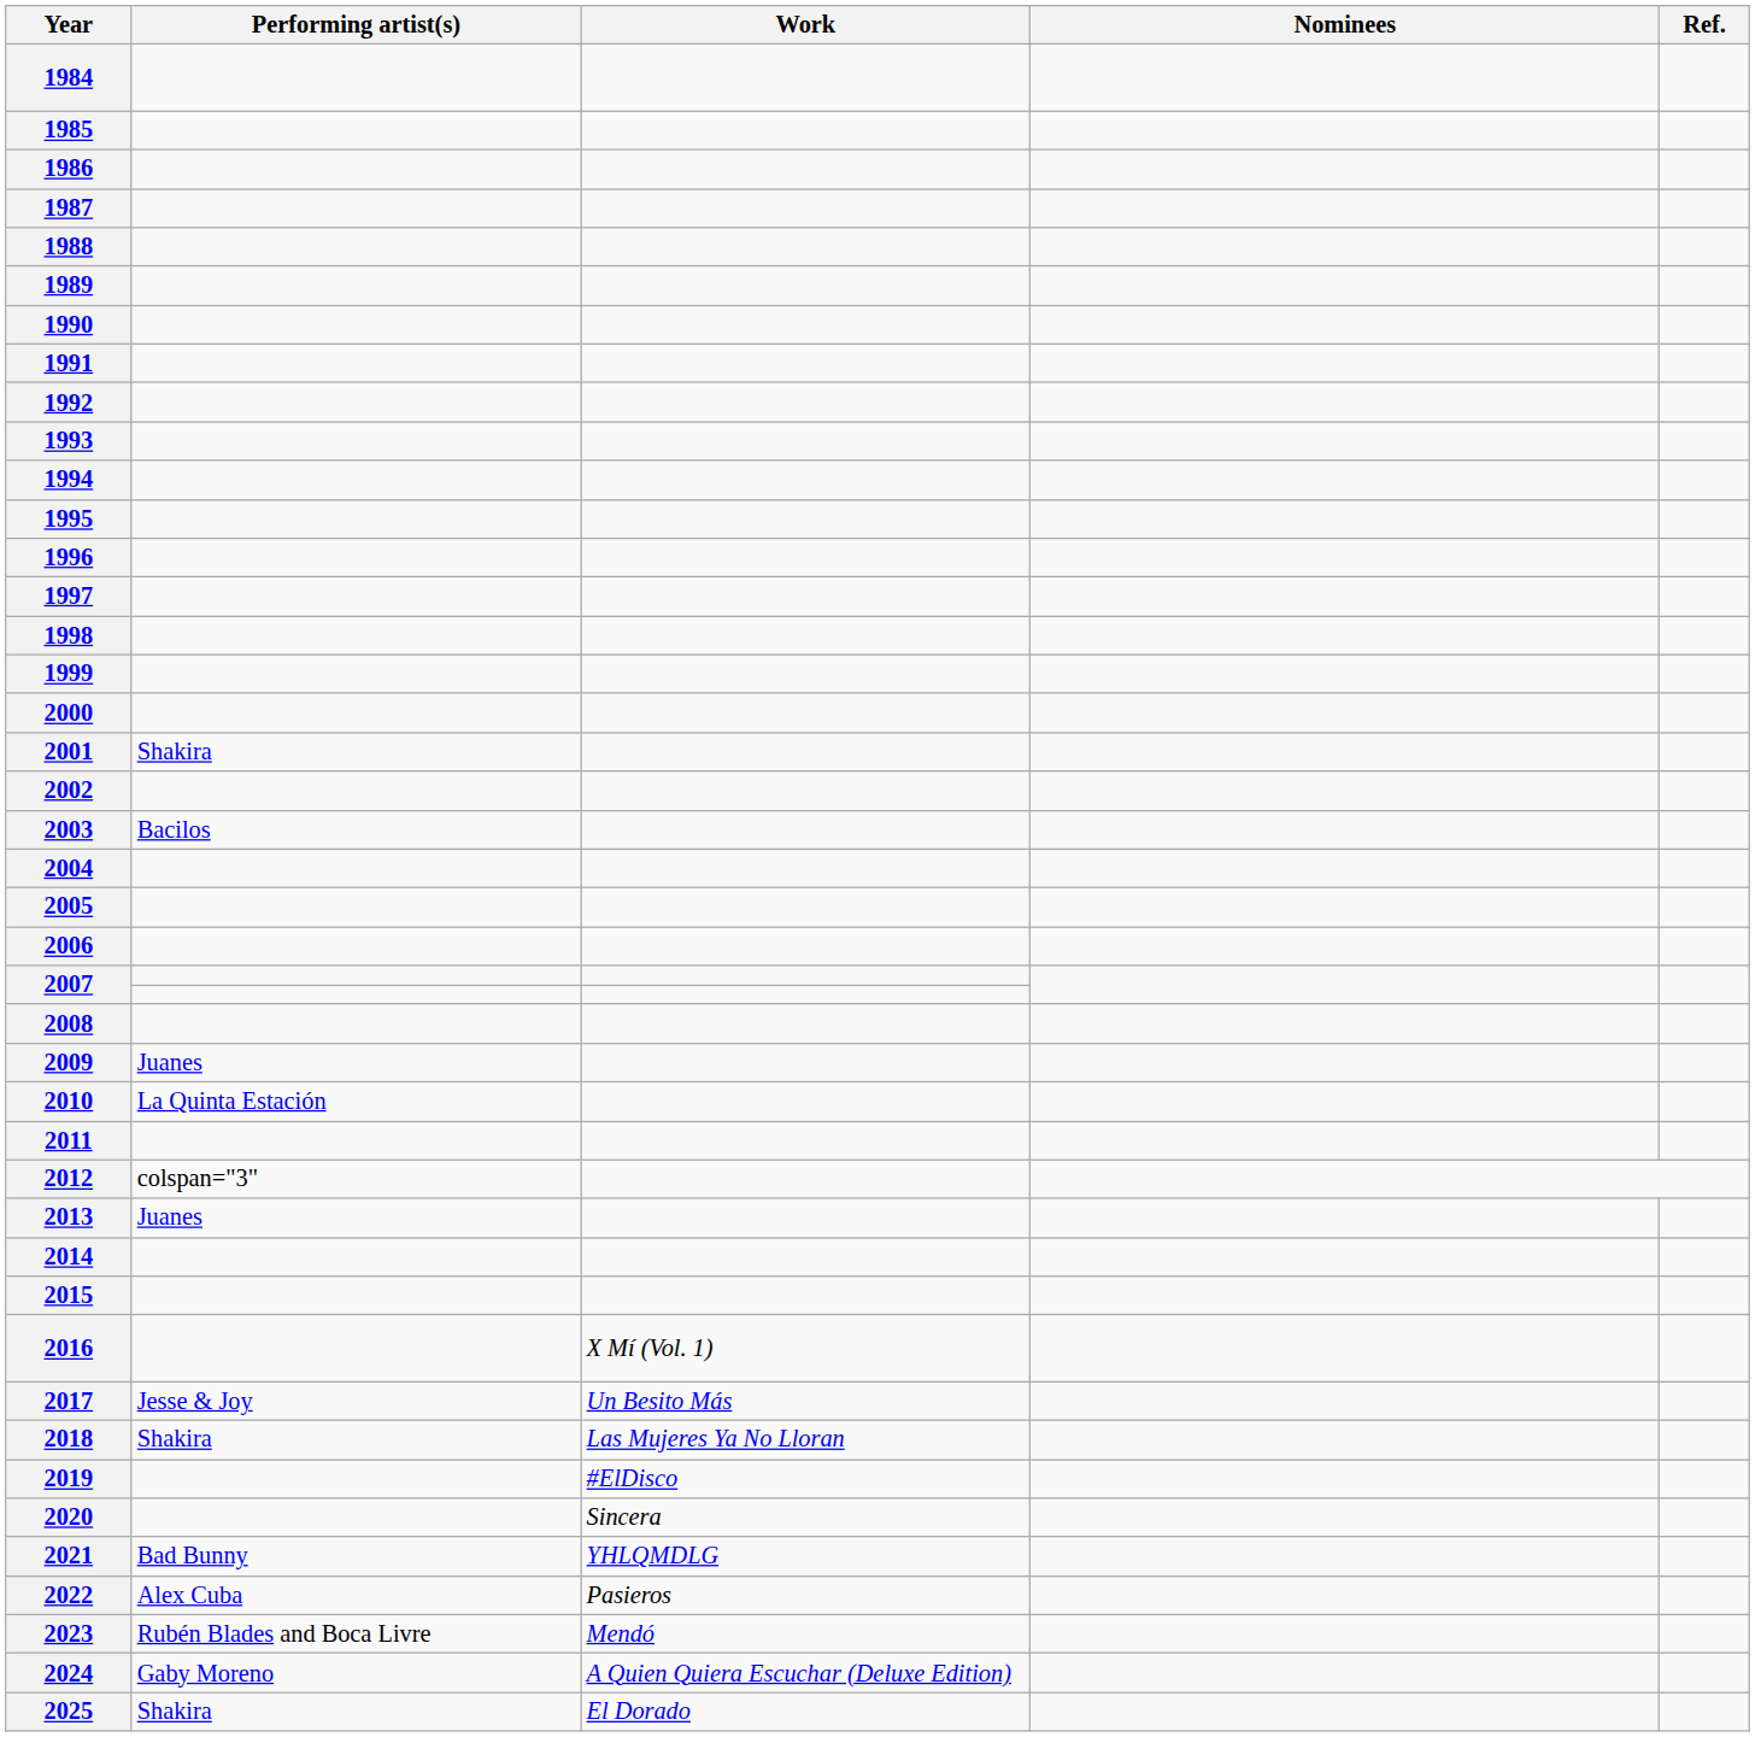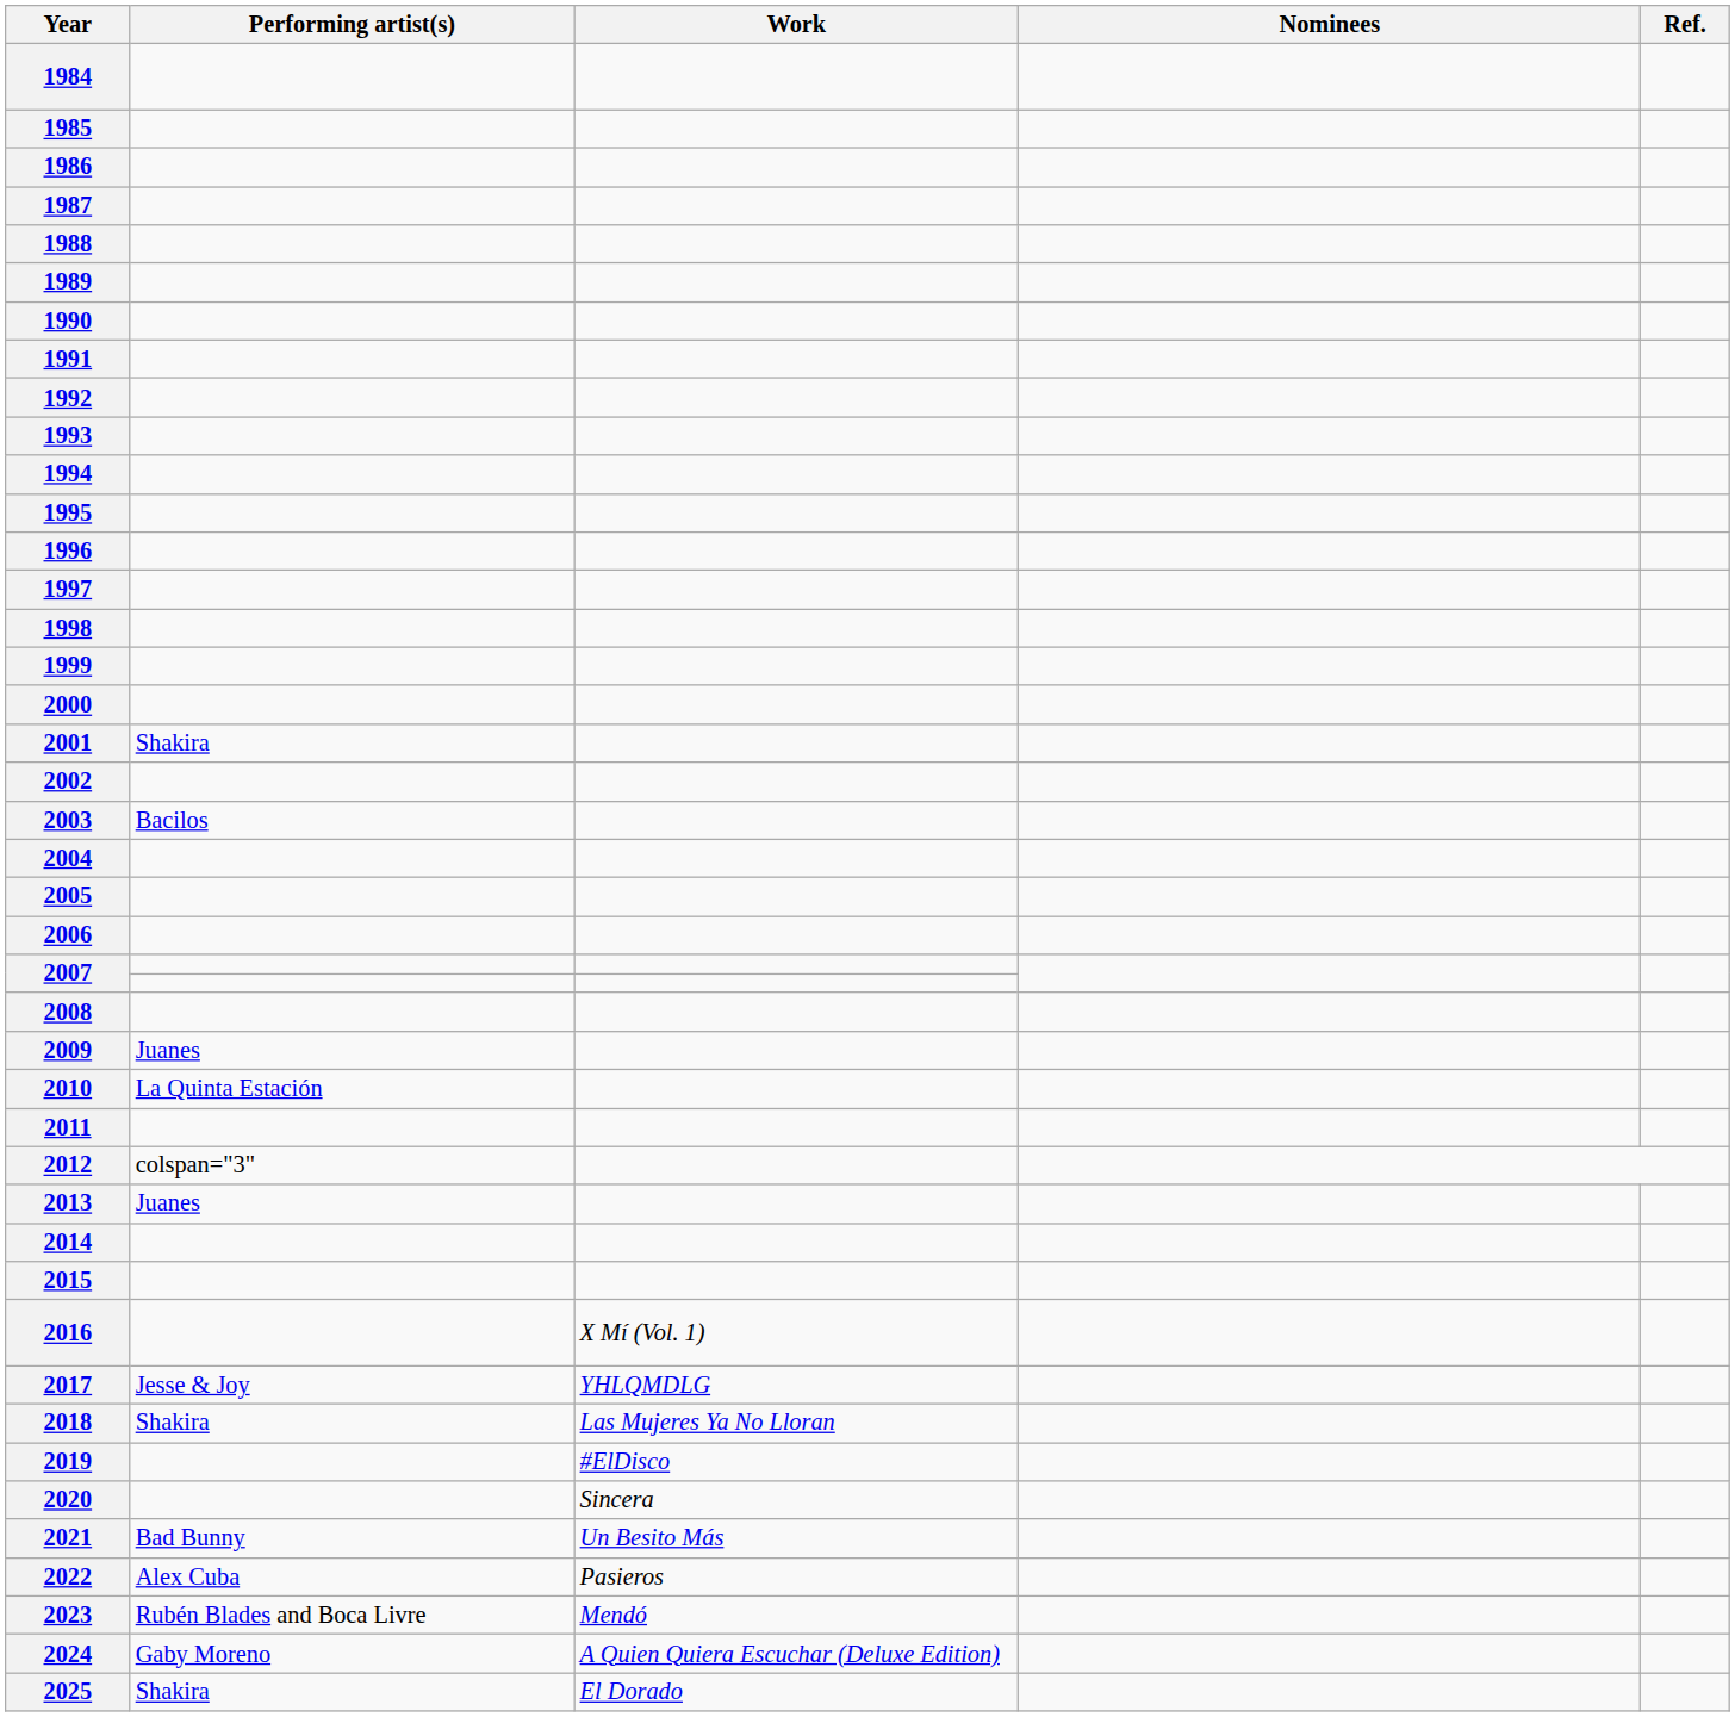 <table class="wikitable">
 <tr>
 <th width="7%">Year</th>
 <th width="25%">Performing artist(s)</th>
 <th width="25%">Work</th>
 <th width="35%" class=unsortable>Nominees</th>
 <th width="5%" class=unsortable>Ref.</th>
 </tr>
 <tr>
 <th scope="row" style="text-align:center;"><a href='#'>1984</a></th>
 <td></td>
 <td></td>
 <td></td>
 <td style="text-align:center;"><br><br></td>
 </tr>
 <tr>
 <th scope="row" style="text-align:center;"><a href='#'>1985</a></th>
 <td></td>
 <td></td>
 <td></td>
 <td style="text-align:center;"><br></td>
 </tr>
 <tr>
 <th scope="row" style="text-align:center;"><a href='#'>1986</a></th>
 <td></td>
 <td></td>
 <td></td>
 <td style="text-align:center;"><br></td>
 </tr>
 <tr>
 <th scope="row" style="text-align:center;"><a href='#'>1987</a></th>
 <td></td>
 <td></td>
 <td></td>
 <td style="text-align:center;"><br></td>
 </tr>
 <tr>
 <th scope="row" style="text-align:center;"><a href='#'>1988</a></th>
 <td></td>
 <td></td>
 <td></td>
 <td style="text-align:center;"><br></td>
 </tr>
 <tr>
 <th scope="row" style="text-align:center;"><a href='#'>1989</a></th>
 <td></td>
 <td></td>
 <td></td>
 <td style="text-align:center;"><br></td>
 </tr>
 <tr>
 <th scope="row" style="text-align:center;"><a href='#'>1990</a></th>
 <td></td>
 <td></td>
 <td></td>
 <td style="text-align:center;"><br></td>
 </tr>
 <tr>
 <th scope="row" style="text-align:center;"><a href='#'>1991</a></th>
 <td></td>
 <td></td>
 <td></td>
 <td style="text-align:center;"><br></td>
 </tr>
 <tr>
 <th scope="row" style="text-align:center;"><a href='#'>1992</a></th>
 <td></td>
 <td></td>
 <td></td>
 <td style="text-align:center;"><br></td>
 </tr>
 <tr>
 <th scope="row" style="text-align:center;"><a href='#'>1993</a></th>
 <td></td>
 <td></td>
 <td></td>
 <td style="text-align:center;"><br></td>
 </tr>
 <tr>
 <th scope="row" style="text-align:center;"><a href='#'>1994</a></th>
 <td></td>
 <td></td>
 <td></td>
 <td style="text-align:center;"><br></td>
 </tr>
 <tr>
 <th scope="row" style="text-align:center;"><a href='#'>1995</a></th>
 <td></td>
 <td></td>
 <td></td>
 <td style="text-align:center;"><br></td>
 </tr>
 <tr>
 <th scope="row" style="text-align:center;"><a href='#'>1996</a></th>
 <td></td>
 <td></td>
 <td></td>
 <td style="text-align:center;"><br></td>
 </tr>
 <tr>
 <th scope="row" style="text-align:center;"><a href='#'>1997</a></th>
 <td></td>
 <td></td>
 <td></td>
 <td style="text-align:center;"><br></td>
 </tr>
 <tr>
 <th scope="row" style="text-align:center;"><a href='#'>1998</a></th>
 <td></td>
 <td></td>
 <td></td>
 <td style="text-align:center;"><br></td>
 </tr>
 <tr>
 <th scope="row" style="text-align:center;"><a href='#'>1999</a></th>
 <td></td>
 <td></td>
 <td></td>
 <td style="text-align:center;"><br></td>
 </tr>
 <tr>
 <th scope="row" style="text-align:center;"><a href='#'>2000</a></th>
 <td></td>
 <td></td>
 <td></td>
 <td style="text-align:center;"><br></td>
 </tr>
 <tr>
 <th scope="row" style="text-align:center;"><a href='#'>2001</a></th>
 <td><a href='#'>Shakira</a></td>
 <td></td>
 <td></td>
 <td style="text-align:center;"><br></td>
 </tr>
 <tr>
 <th scope="row" style="text-align:center;"><a href='#'>2002</a></th>
 <td></td>
 <td></td>
 <td></td>
 <td style="text-align:center;"><br></td>
 </tr>
 <tr>
 <th scope="row" style="text-align:center;"><a href='#'>2003</a></th>
 <td><a href='#'>Bacilos</a></td>
 <td></td>
 <td></td>
 <td style="text-align:center;"><br></td>
 </tr>
 <tr>
 <th scope="row" style="text-align:center;"><a href='#'>2004</a></th>
 <td></td>
 <td></td>
 <td></td>
 <td style="text-align:center;"><br></td>
 </tr>
 <tr>
 <th scope="row" style="text-align:center;"><a href='#'>2005</a></th>
 <td></td>
 <td></td>
 <td></td>
 <td style="text-align:center;"><br></td>
 </tr>
 <tr>
 <th scope="row" style="text-align:center;"><a href='#'>2006</a></th>
 <td></td>
 <td></td>
 <td></td>
 <td style="text-align:center;"><br></td>
 </tr>
 <tr>
 <th scope="row" rowspan="2" style="text-align:center;"><a href='#'>2007</a></th>
 <td></td>
 <td></td>
 <td rowspan="2"></td>
 <td rowspan="2" style="text-align:center;"><br></td>
 </tr>
 <tr>
 <td></td>
 <td></td>
 </tr>
 <tr>
 <th scope="row" style="text-align:center;"><a href='#'>2008</a></th>
 <td></td>
 <td></td>
 <td></td>
 <td style="text-align:center;"><br></td>
 </tr>
 <tr>
 <th scope="row" style="text-align:center;"><a href='#'>2009</a></th>
 <td><a href='#'>Juanes</a></td>
 <td></td>
 <td></td>
 <td style="text-align:center;"><br></td>
 </tr>
 <tr>
 <th scope="row" style="text-align:center;"><a href='#'>2010</a></th>
 <td><a href='#'>La Quinta Estación</a></td>
 <td></td>
 <td></td>
 <td style="text-align:center;"><br></td>
 </tr>
 <tr>
 <th scope="row" style="text-align:center;"><a href='#'>2011</a></th>
 <td></td>
 <td></td>
 <td></td>
 <td style="text-align:center;"><br></td>
 </tr>
 <tr>
 <th scope="row" style="text-align:center;"><a href='#'>2012</a></th>
 <td>colspan="3" </td>
 <td style="text-align:center;"></td>
 </tr>
 <tr>
 <th scope="row" style="text-align:center;"><a href='#'>2013</a></th>
 <td><a href='#'>Juanes</a></td>
 <td></td>
 <td></td>
 <td style="text-align:center;"><br></td>
 </tr>
 <tr>
 <th scope="row" style="text-align:center;"><a href='#'>2014</a></th>
 <td></td>
 <td></td>
 <td></td>
 <td style="text-align:center;"><br></td>
 </tr>
 <tr>
 <th scope="row" style="text-align:center;"><a href='#'>2015</a></th>
 <td></td>
 <td></td>
 <td></td>
 <td style="text-align:center;"><br></td>
 </tr>
 <tr>
 <th scope="row" style="text-align:center;"><a href='#'>2016</a></th>
 <td></td>
 <td><em>X Mí (Vol. 1)</em></td>
 <td></td>
 <td style="text-align:center;"><br><br></td>
 </tr>
 <tr>
 <th scope="row" style="text-align:center;"><a href='#'>2017</a></th>
 <td><a href='#'>Jesse & Joy</a></td>
-<td><em><a href='#'>Un Besito Más</a></em></td>
+<td><em><a href='#'>YHLQMDLG</a></em></td>
 <td></td>
 <td style="text-align:center;"></td>
 </tr>
 <tr>
 <th scope="row" style="text-align:center;"><a href='#'>2018</a></th>
 <td><a href='#'>Shakira</a></td>
 <td><em><a href='#'>Las Mujeres Ya No Lloran</a></em></td>
 <td></td>
 <td style="text-align:center;"></td>
 </tr>
 <tr>
 <th scope="row" style="text-align:center;"><a href='#'>2019</a></th>
 <td></td>
 <td><em><a href='#'>#ElDisco</a></em></td>
 <td></td>
 <td style="text-align:center;"></td>
 </tr>
 <tr>
 <th scope="row" style="text-align:center;"><a href='#'>2020</a></th>
 <td></td>
 <td><em>Sincera</em></td>
 <td></td>
 <td style="text-align:center;"></td>
 </tr>
 <tr>
 <th scope="row" style="text-align:center;"><a href='#'>2021</a></th>
 <td><a href='#'>Bad Bunny</a></td>
-<td><em><a href='#'>YHLQMDLG</a></em></td>
+<td><em><a href='#'>Un Besito Más</a></em></td>
 <td></td>
 <td style="text-align:center;"></td>
 </tr>
 <tr>
 <th scope="row" style="text-align:center;"><a href='#'>2022</a></th>
 <td><a href='#'>Alex Cuba</a></td>
 <td><em>Pasieros</em></td>
 <td></td>
 <td style="text-align:center;"></td>
 </tr>
 <tr>
 <th scope="row" style="text-align:center;"><a href='#'>2023</a></th>
 <td><a href='#'>Rubén Blades</a> and Boca Livre</td>
 <td><em><a href='#'>Mendó</a></em></td>
 <td></td>
 <td style="text-align:center;"></td>
 </tr>
 <tr>
 <th scope="row" style="text-align:center;"><a href='#'>2024</a></th>
 <td><a href='#'>Gaby Moreno</a></td>
 <td><em><a href='#'>A Quien Quiera Escuchar (Deluxe Edition)</a></em></td>
 <td></td>
 <td style="text-align:center;"></td>
 </tr>
 <tr>
 <th scope="row" style="text-align:center;"><a href='#'>2025</a></th>
 <td><a href='#'>Shakira</a></td>
 <td><em><a href='#'>El Dorado</a></em></td>
 <td></td>
 <td style="text-align:center;"></td>
 </tr>
 </table>
